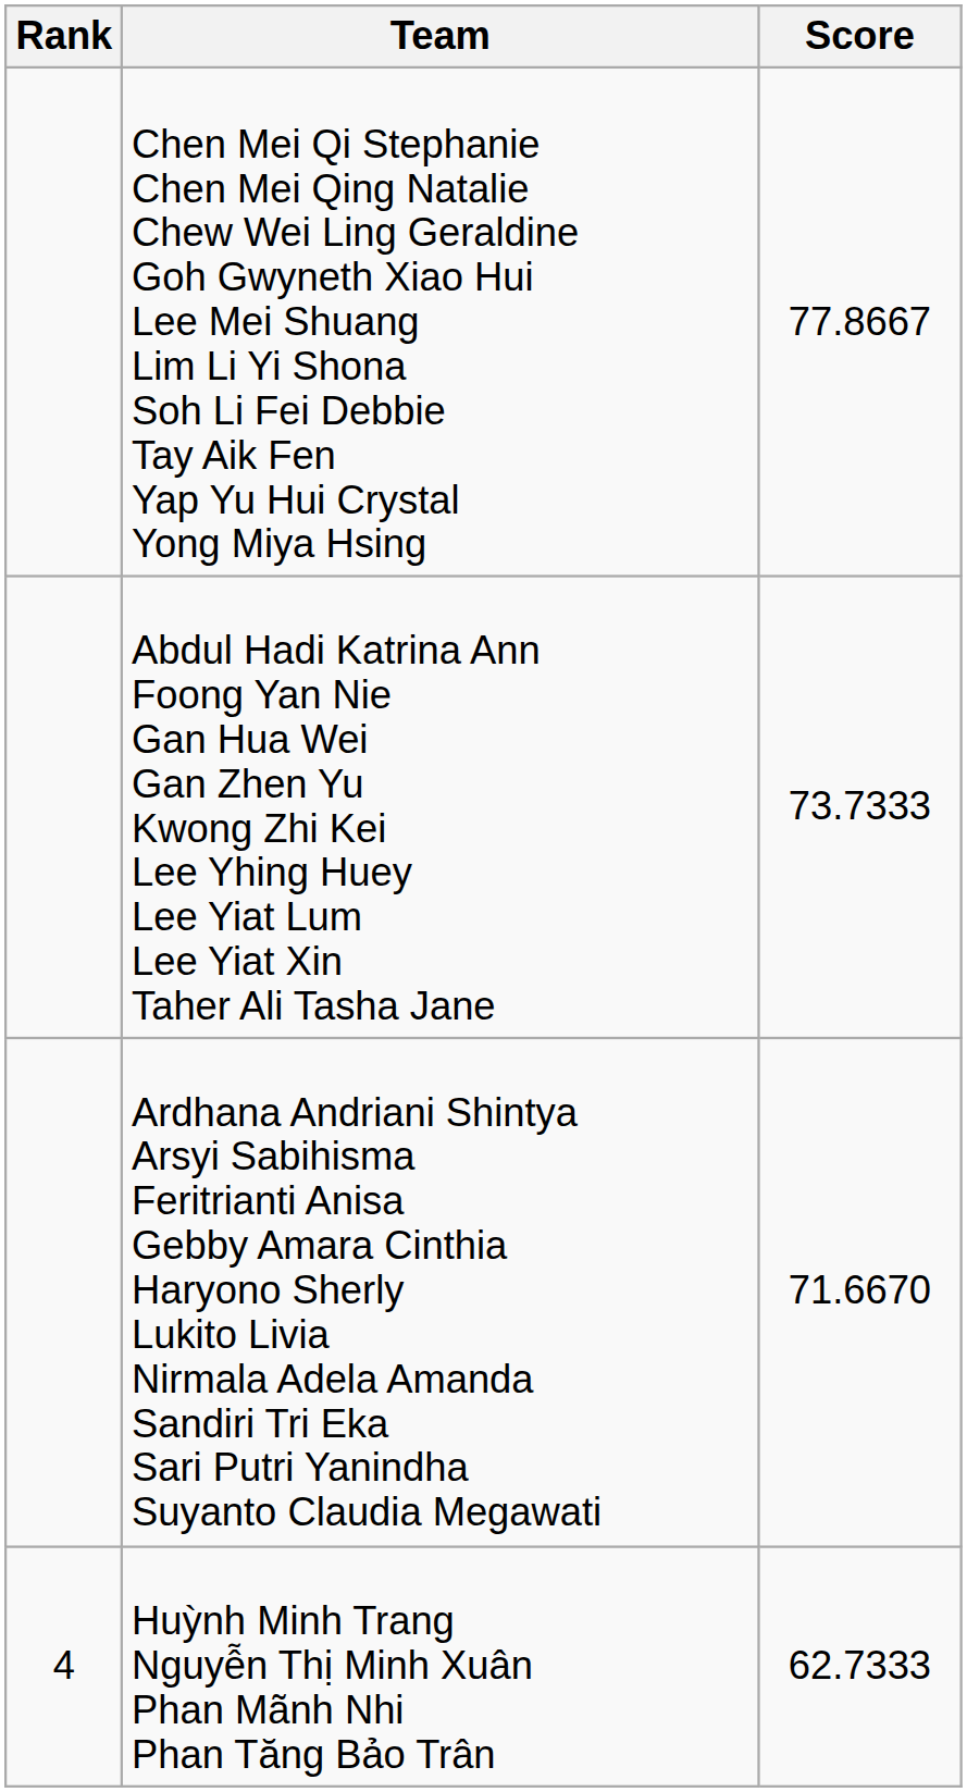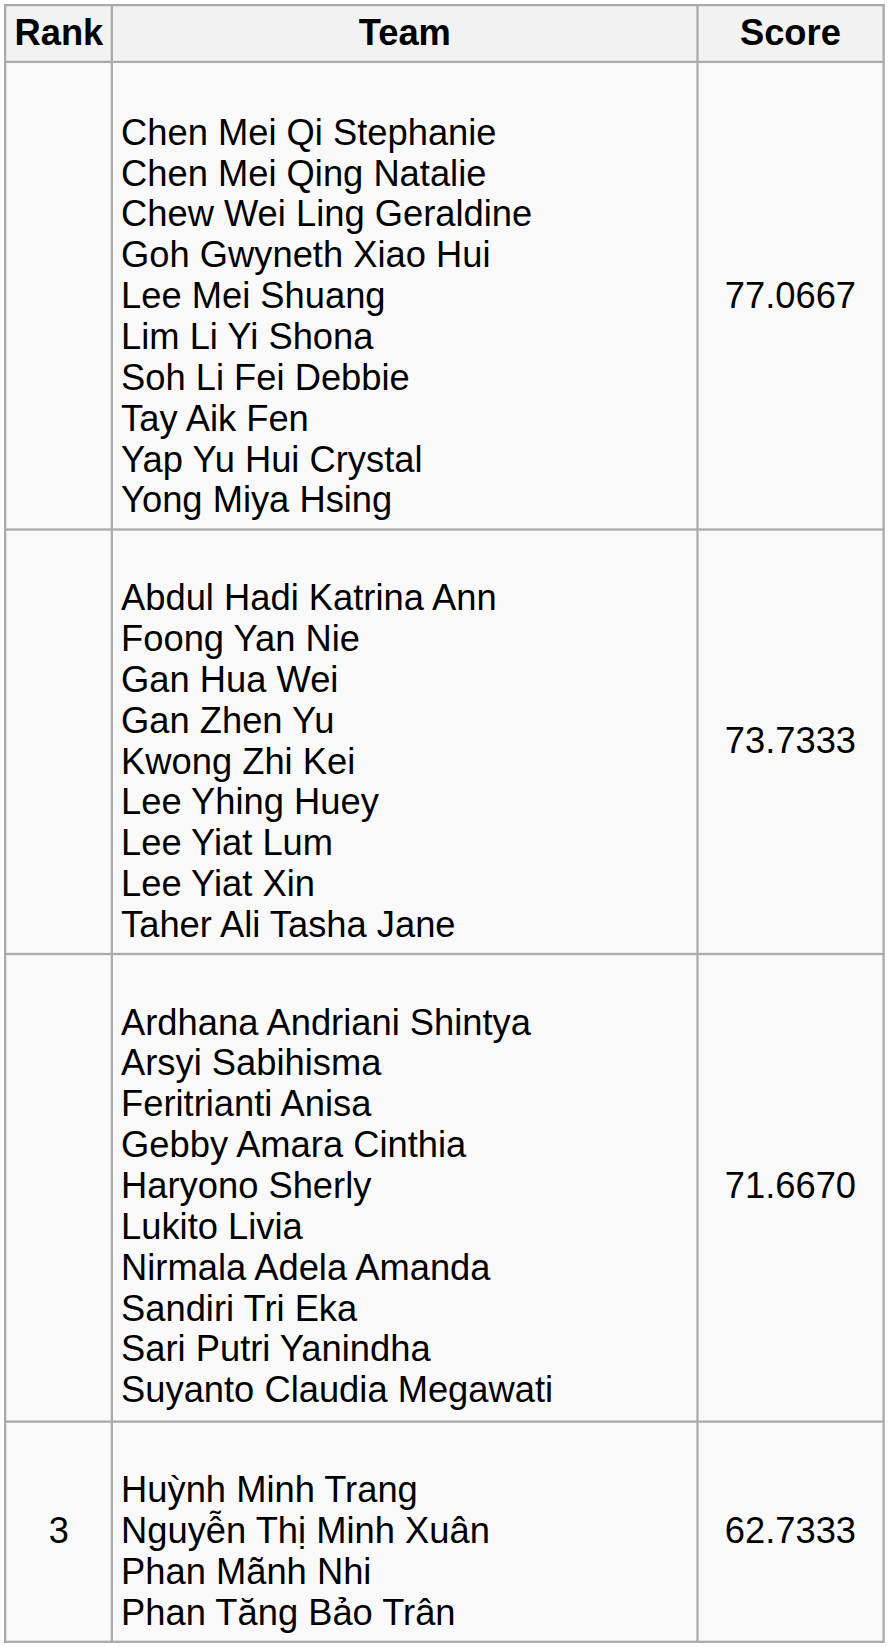 <table class="wikitable" style="text-align:center;">
 <tr>
 <th width=40>Rank</th>
 <th width=250>Team</th>
 <th width=75>Score</th>
 </tr>
 <tr>
 <td></td>
 <td align="left"><br>Chen Mei Qi Stephanie<br>Chen Mei Qing Natalie<br>Chew Wei Ling Geraldine<br>Goh Gwyneth Xiao Hui<br>Lee Mei Shuang<br>Lim Li Yi Shona<br>Soh Li Fei Debbie<br>Tay Aik Fen<br>Yap Yu Hui Crystal<br>Yong Miya Hsing</td>
-<td>77.8667</td>
+<td>77.0667</td>
 </tr>
 <tr>
 <td></td>
 <td align="left"><br>Abdul Hadi Katrina Ann<br>Foong Yan Nie<br>Gan Hua Wei<br>Gan Zhen Yu<br>Kwong Zhi Kei<br>Lee Yhing Huey<br>Lee Yiat Lum<br>Lee Yiat Xin<br>Taher Ali Tasha Jane</td>
 <td>73.7333</td>
 </tr>
 <tr>
 <td></td>
 <td align="left"><br>Ardhana Andriani Shintya<br>Arsyi Sabihisma<br>Feritrianti Anisa<br>Gebby Amara Cinthia<br>Haryono Sherly<br>Lukito Livia<br>Nirmala Adela Amanda<br>Sandiri Tri Eka<br>Sari Putri Yanindha<br>Suyanto Claudia Megawati</td>
 <td>71.6670</td>
 </tr>
 <tr>
-<td>4</td>
+<td>3</td>
 <td align="left"><br>Huỳnh Minh Trang<br>Nguyễn Thị Minh Xuân<br>Phan Mãnh Nhi<br>Phan Tăng Bảo Trân</td>
 <td>62.7333</td>
 </tr>
 </table>
